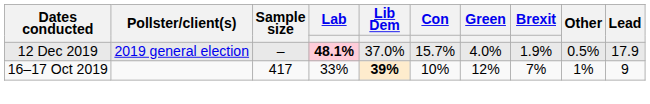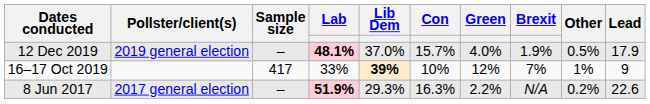 <table class="wikitable sortable mw-datatable" style="text-align:center;line-height:14px;">
 <tr>
 <th rowspan="2">Dates<br>conducted</th>
 <th rowspan="2">Pollster/client(s)</th>
 <th rowspan="2" data-sort-type="number">Sample<br>size</th>
 <th class="unsortable" style="width:50px;"><a href='#'>Lab</a></th>
 <th class="unsortable" style="width:50px;"><a href='#'>Lib Dem</a></th>
 <th class="unsortable" style="width:50px;"><a href='#'>Con</a></th>
 <th class="unsortable" style="width:50px;"><a href='#'>Green</a></th>
 <th class="unsortable" style="width:50px;"><a href='#'>Brexit</a></th>
 <th rowspan="2" class="unsortable">Other</th>
 <th rowspan="2" data-sort-type="number">Lead</th>
 </tr>
 <tr>
 <th data-sort-type="number" style="background:"></th>
 <th data-sort-type="number" style="background:"></th>
 <th data-sort-type="number" style="background:"></th>
 <th data-sort-type="number" style="background:"></th>
 <th data-sort-type="number" style="background:"></th>
 </tr>
 <tr style="background:#E9E9E9;">
 <td data-sort-value="2019-12-12">12 Dec 2019</td>
 <td><a href='#'>2019 general election</a></td>
 <td>–</td>
 <td style="background:#FFCCD9;"><strong>48.1%</strong></td>
 <td>37.0%</td>
 <td>15.7%</td>
 <td>4.0%</td>
 <td>1.9%</td>
 <td>0.5%</td>
 <td style="background:">17.9</td>
 </tr>
 <tr>
 <td data-sort-value="2017-09-14">16–17 Oct 2019</td>
 <td></td>
 <td>417</td>
 <td>33%</td>
 <td style="background:#FEECCD;"><strong>39%</strong></td>
 <td>10%</td>
 <td>12%</td>
 <td>7%</td>
 <td>1%</td>
 <td style="background:">9</td>
 </tr>
+<tr style="background:#E9E9E9;">
+<td data-sort-value="2017-06-08">8 Jun 2017</td>
+<td><a href='#'>2017 general election</a></td>
+<td>–</td>
+<td style="background:#FFCCD9;"><strong>51.9%</strong></td>
+<td>29.3%</td>
+<td>16.3%</td>
+<td>2.2%</td>
+<td><em>N/A</em></td>
+<td>0.2%</td>
+<td style="background:">22.6</td>
+</tr>
 </table>
